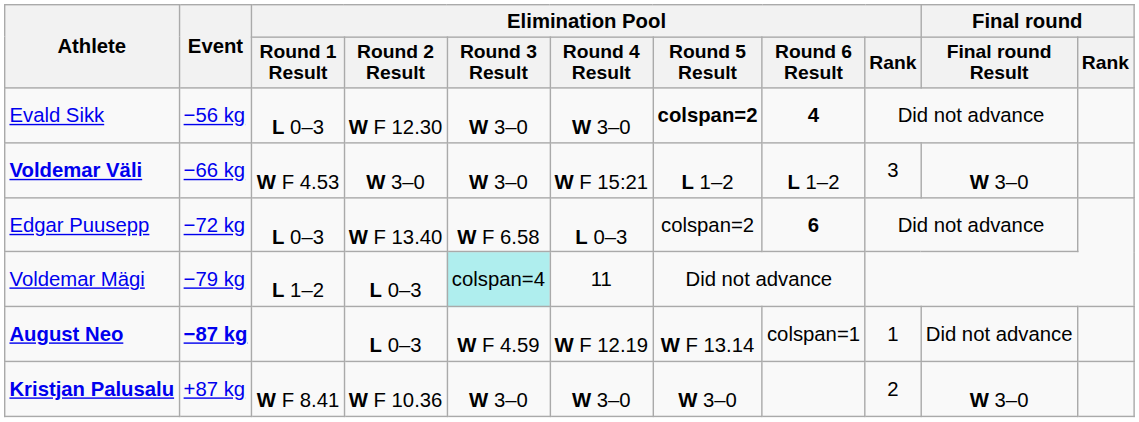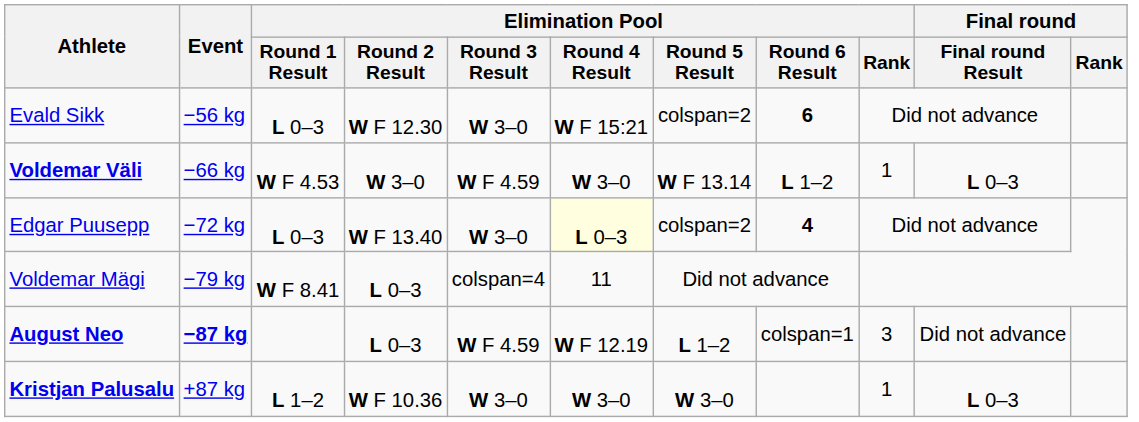 <table class="wikitable" style="font-size:90%">
 <tr>
 <th rowspan="2">Athlete</th>
 <th rowspan="2">Event</th>
 <th colspan=7>Elimination Pool</th>
 <th colspan=2>Final round</th>
 </tr>
 <tr style="font-size: 95%">
 <th>Round 1<br>Result</th>
 <th>Round 2<br>Result</th>
 <th>Round 3<br>Result</th>
 <th>Round 4<br>Result</th>
 <th>Round 5<br>Result</th>
 <th>Round 6<br>Result</th>
 <th>Rank</th>
 <th>Final round<br>Result</th>
 <th>Rank</th>
 </tr>
 <tr align=center>
 <td align=left><a href='#'>Evald Sikk</a></td>
 <td align=left><a href='#'>−56 kg</a></td>
 <td><br><strong>L</strong> 0–3</td>
 <td><br><strong>W</strong> F 12.30</td>
 <td><br><strong>W</strong> 3–0</td>
-<td><br><strong>W</strong> 3–0</td>
-<td><strong>colspan=2 </strong></td>
-<td><strong>4</strong></td>
+<td><br><strong>W</strong> F 15:21</td>
+<td>colspan=2 </td>
+<td><strong>6</strong></td>
 <td colspan=2>Did not advance</td>
 </tr>
 <tr align=center>
 <td align=left><strong><a href='#'>Voldemar Väli</a></strong></td>
 <td align=left><a href='#'>−66 kg</a></td>
 <td><br><strong>W</strong> F 4.53</td>
 <td><br><strong>W</strong> 3–0</td>
+<td><br><strong>W</strong> F 4.59</td>
 <td><br><strong>W</strong> 3–0</td>
-<td><br><strong>W</strong> F 15:21</td>
+<td><br><strong>W</strong> F 13.14</td>
 <td><br><strong>L</strong> 1–2</td>
-<td><br><strong>L</strong> 1–2</td>
-<td>3</td>
-<td><br><strong>W</strong> 3–0</td>
+<td>1</td>
+<td><br><strong>L</strong> 0–3</td>
 <td></td>
 </tr>
 <tr align=center>
 <td align=left><a href='#'>Edgar Puusepp</a></td>
 <td align=left><a href='#'>−72 kg</a></td>
 <td><br><strong>L</strong> 0–3</td>
 <td><br><strong>W</strong> F 13.40</td>
-<td><br><strong>W</strong> F 6.58</td>
-<td><br><strong>L</strong> 0–3</td>
+<td><br><strong>W</strong> 3–0</td>
+<td style="background: lightyellow;"><br><strong>L</strong> 0–3</td>
 <td>colspan=2 </td>
-<td><strong>6</strong></td>
+<td><strong>4</strong></td>
 <td colspan=2>Did not advance</td>
 </tr>
 <tr align=center>
 <td align=left><a href='#'>Voldemar Mägi</a></td>
 <td align=left><a href='#'>−79 kg</a></td>
-<td><br><strong>L</strong> 1–2</td>
+<td><br><strong>W</strong> F 8.41</td>
 <td><br><strong>L</strong> 0–3</td>
-<td style="background: paleturquoise;">colspan=4 </td>
+<td>colspan=4 </td>
 <td>11</td>
 <td colspan=2>Did not advance</td>
 </tr>
 <tr align=center>
 <td align=left><strong><a href='#'>August Neo</a></strong></td>
 <td align=left><strong><a href='#'>−87 kg</a></strong></td>
 <td></td>
 <td><br><strong>L</strong> 0–3</td>
 <td><br><strong>W</strong> F 4.59</td>
 <td><br><strong>W</strong> F 12.19</td>
-<td><br><strong>W</strong> F 13.14</td>
+<td><br><strong>L</strong> 1–2</td>
 <td>colspan=1 </td>
-<td>1</td>
+<td>3</td>
 <td>Did not advance</td>
 <td></td>
 </tr>
 <tr align=center>
 <td align=left><strong><a href='#'>Kristjan Palusalu</a></strong></td>
 <td align=left><a href='#'>+87 kg</a></td>
-<td><br><strong>W</strong> F 8.41</td>
+<td><br><strong>L</strong> 1–2</td>
 <td><br><strong>W</strong> F 10.36</td>
 <td><br><strong>W</strong> 3–0</td>
 <td><br><strong>W</strong> 3–0</td>
 <td><br><strong>W</strong> 3–0</td>
 <td></td>
-<td>2</td>
-<td><br><strong>W</strong> 3–0</td>
+<td>1</td>
+<td><br><strong>L</strong> 0–3</td>
 <td></td>
 </tr>
 </table>
